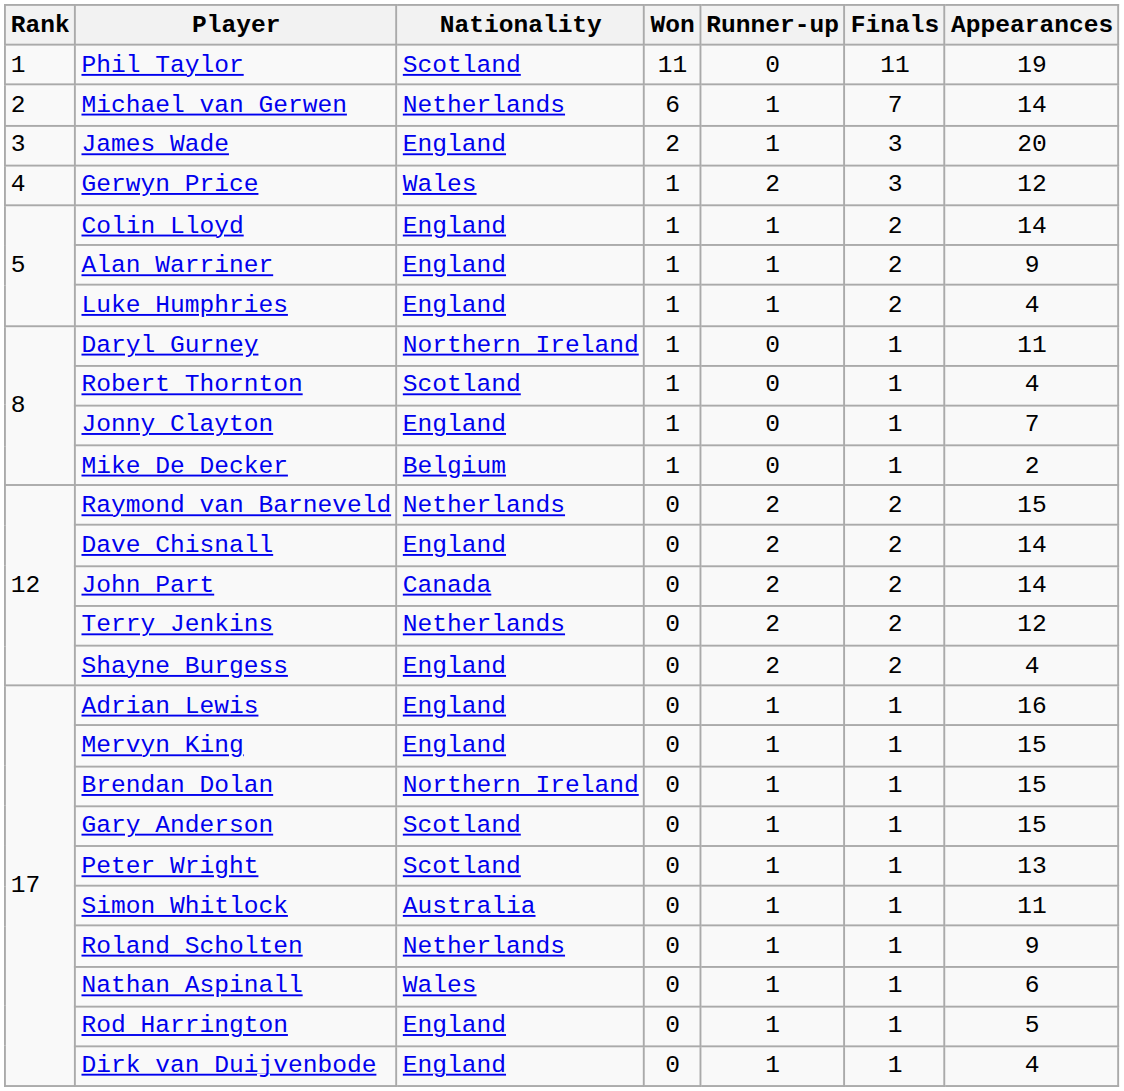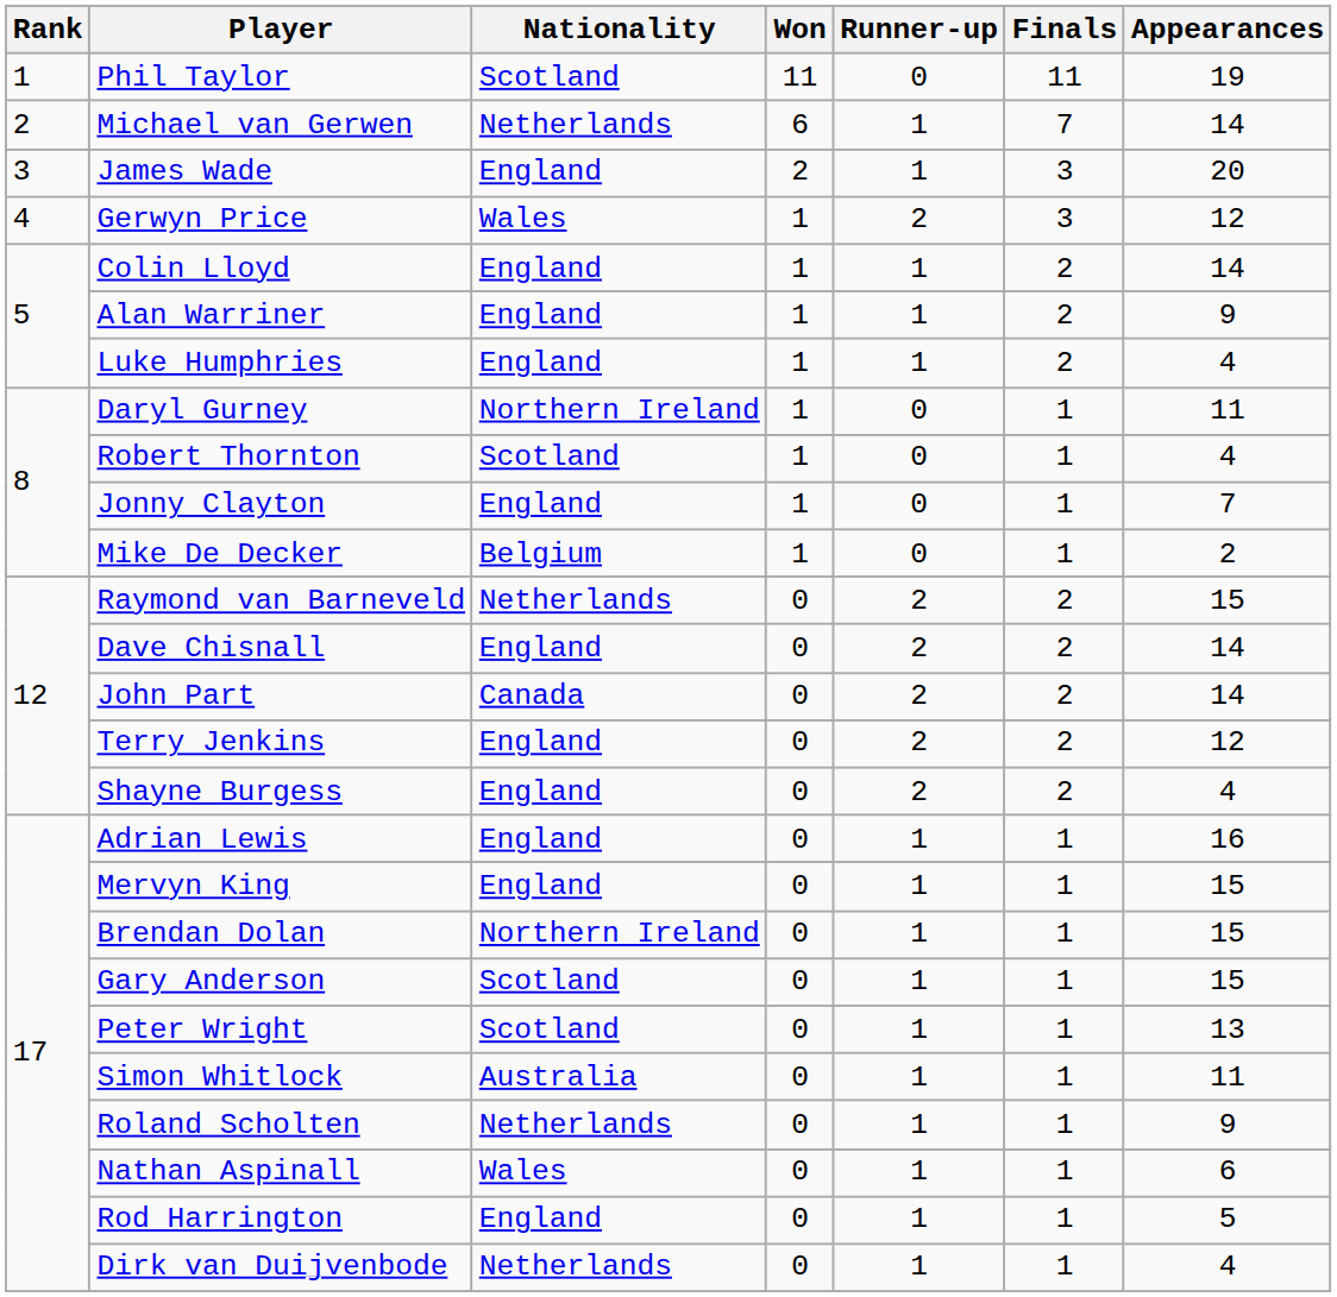 <table class="wikitable sortable">
 <tr>
 <th>Rank</th>
 <th>Player</th>
 <th>Nationality</th>
 <th>Won</th>
 <th>Runner-up</th>
 <th>Finals</th>
 <th>Appearances</th>
 </tr>
 <tr>
 <td>1</td>
 <td><a href='#'>Phil Taylor</a></td>
 <td> <a href='#'>Scotland</a></td>
 <td align=center>11</td>
 <td align=center>0</td>
 <td align=center>11</td>
 <td align=center>19</td>
 </tr>
 <tr>
 <td>2</td>
 <td><a href='#'>Michael van Gerwen</a></td>
 <td> <a href='#'>Netherlands</a></td>
 <td align=center>6</td>
 <td align=center>1</td>
 <td align=center>7</td>
 <td align=center>14</td>
 </tr>
 <tr>
 <td>3</td>
 <td><a href='#'>James Wade</a></td>
 <td> <a href='#'>England</a></td>
 <td align=center>2</td>
 <td align=center>1</td>
 <td align=center>3</td>
 <td align=center>20</td>
 </tr>
 <tr>
 <td>4</td>
 <td><a href='#'>Gerwyn Price</a></td>
 <td> <a href='#'>Wales</a></td>
 <td align="center">1</td>
 <td align="center">2</td>
 <td align="center">3</td>
 <td align="center">12</td>
 </tr>
 <tr>
 <td rowspan="3">5</td>
 <td><a href='#'>Colin Lloyd</a></td>
 <td> <a href='#'>England</a></td>
 <td align="center">1</td>
 <td align="center">1</td>
 <td align="center">2</td>
 <td align="center">14</td>
 </tr>
 <tr>
 <td><a href='#'>Alan Warriner</a></td>
 <td> <a href='#'>England</a></td>
 <td align=center>1</td>
 <td align=center>1</td>
 <td align=center>2</td>
 <td align=center>9</td>
 </tr>
 <tr>
 <td><a href='#'>Luke Humphries</a></td>
 <td> <a href='#'>England</a></td>
 <td align="center">1</td>
 <td align="center">1</td>
 <td align="center">2</td>
 <td align="center">4</td>
 </tr>
 <tr>
 <td rowspan="4">8</td>
 <td><a href='#'>Daryl Gurney</a></td>
 <td> <a href='#'>Northern Ireland</a></td>
 <td align="center">1</td>
 <td align="center">0</td>
 <td align="center">1</td>
 <td align="center">11</td>
 </tr>
 <tr>
 <td><a href='#'>Robert Thornton</a></td>
 <td> <a href='#'>Scotland</a></td>
 <td align=center>1</td>
 <td align=center>0</td>
 <td align=center>1</td>
 <td align=center>4</td>
 </tr>
 <tr>
 <td><a href='#'>Jonny Clayton</a></td>
 <td> <a href='#'>England</a></td>
 <td align="center">1</td>
 <td align="center">0</td>
 <td align="center">1</td>
 <td align="center">7</td>
 </tr>
 <tr>
 <td><a href='#'>Mike De Decker</a></td>
 <td> <a href='#'>Belgium</a></td>
 <td align="center">1</td>
 <td align="center">0</td>
 <td align="center">1</td>
 <td align="center">2</td>
 </tr>
 <tr>
 <td rowspan="5">12</td>
 <td><a href='#'>Raymond van Barneveld</a></td>
 <td> <a href='#'>Netherlands</a></td>
 <td align="center">0</td>
 <td align="center">2</td>
 <td align="center">2</td>
 <td align="center">15</td>
 </tr>
 <tr>
 <td><a href='#'>Dave Chisnall</a></td>
 <td> <a href='#'>England</a></td>
 <td align="center">0</td>
 <td align="center">2</td>
 <td align="center">2</td>
 <td align="center">14</td>
 </tr>
 <tr>
 <td><a href='#'>John Part</a></td>
 <td> <a href='#'>Canada</a></td>
 <td align="center">0</td>
 <td align="center">2</td>
 <td align="center">2</td>
 <td align="center">14</td>
 </tr>
 <tr>
 <td><a href='#'>Terry Jenkins</a></td>
-<td> <a href='#'>Netherlands</a></td>
+<td> <a href='#'>England</a></td>
 <td align=center>0</td>
 <td align=center>2</td>
 <td align=center>2</td>
 <td align=center>12</td>
 </tr>
 <tr>
 <td><a href='#'>Shayne Burgess</a></td>
 <td> <a href='#'>England</a></td>
 <td align=center>0</td>
 <td align=center>2</td>
 <td align=center>2</td>
 <td align=center>4</td>
 </tr>
 <tr>
 <td rowspan="10">17</td>
 <td><a href='#'>Adrian Lewis</a></td>
 <td> <a href='#'>England</a></td>
 <td align=center>0</td>
 <td align=center>1</td>
 <td align=center>1</td>
 <td align=center>16</td>
 </tr>
 <tr>
 <td><a href='#'>Mervyn King</a></td>
 <td> <a href='#'>England</a></td>
 <td align=center>0</td>
 <td align=center>1</td>
 <td align=center>1</td>
 <td align=center>15</td>
 </tr>
 <tr>
 <td><a href='#'>Brendan Dolan</a></td>
 <td> <a href='#'>Northern Ireland</a></td>
 <td align=center>0</td>
 <td align=center>1</td>
 <td align=center>1</td>
 <td align=center>15</td>
 </tr>
 <tr>
 <td><a href='#'>Gary Anderson</a></td>
 <td> <a href='#'>Scotland</a></td>
 <td align=center>0</td>
 <td align=center>1</td>
 <td align=center>1</td>
 <td align=center>15</td>
 </tr>
 <tr>
 <td><a href='#'>Peter Wright</a></td>
 <td> <a href='#'>Scotland</a></td>
 <td align="center">0</td>
 <td align="center">1</td>
 <td align="center">1</td>
 <td align="center">13</td>
 </tr>
 <tr>
 <td><a href='#'>Simon Whitlock</a></td>
 <td> <a href='#'>Australia</a></td>
 <td align="center">0</td>
 <td align="center">1</td>
 <td align="center">1</td>
 <td align="center">11</td>
 </tr>
 <tr>
 <td><a href='#'>Roland Scholten</a></td>
 <td> <a href='#'>Netherlands</a></td>
 <td align=center>0</td>
 <td align=center>1</td>
 <td align=center>1</td>
 <td align=center>9</td>
 </tr>
 <tr>
 <td><a href='#'>Nathan Aspinall</a></td>
 <td> <a href='#'>Wales</a></td>
 <td align=center>0</td>
 <td align=center>1</td>
 <td align=center>1</td>
 <td align=center>6</td>
 </tr>
 <tr>
 <td><a href='#'>Rod Harrington</a></td>
 <td> <a href='#'>England</a></td>
 <td align=center>0</td>
 <td align=center>1</td>
 <td align=center>1</td>
 <td align=center>5</td>
 </tr>
 <tr>
 <td><a href='#'>Dirk van Duijvenbode</a></td>
-<td> <a href='#'>England</a></td>
+<td> <a href='#'>Netherlands</a></td>
 <td align=center>0</td>
 <td align=center>1</td>
 <td align=center>1</td>
 <td align=center>4</td>
 </tr>
 </table>
